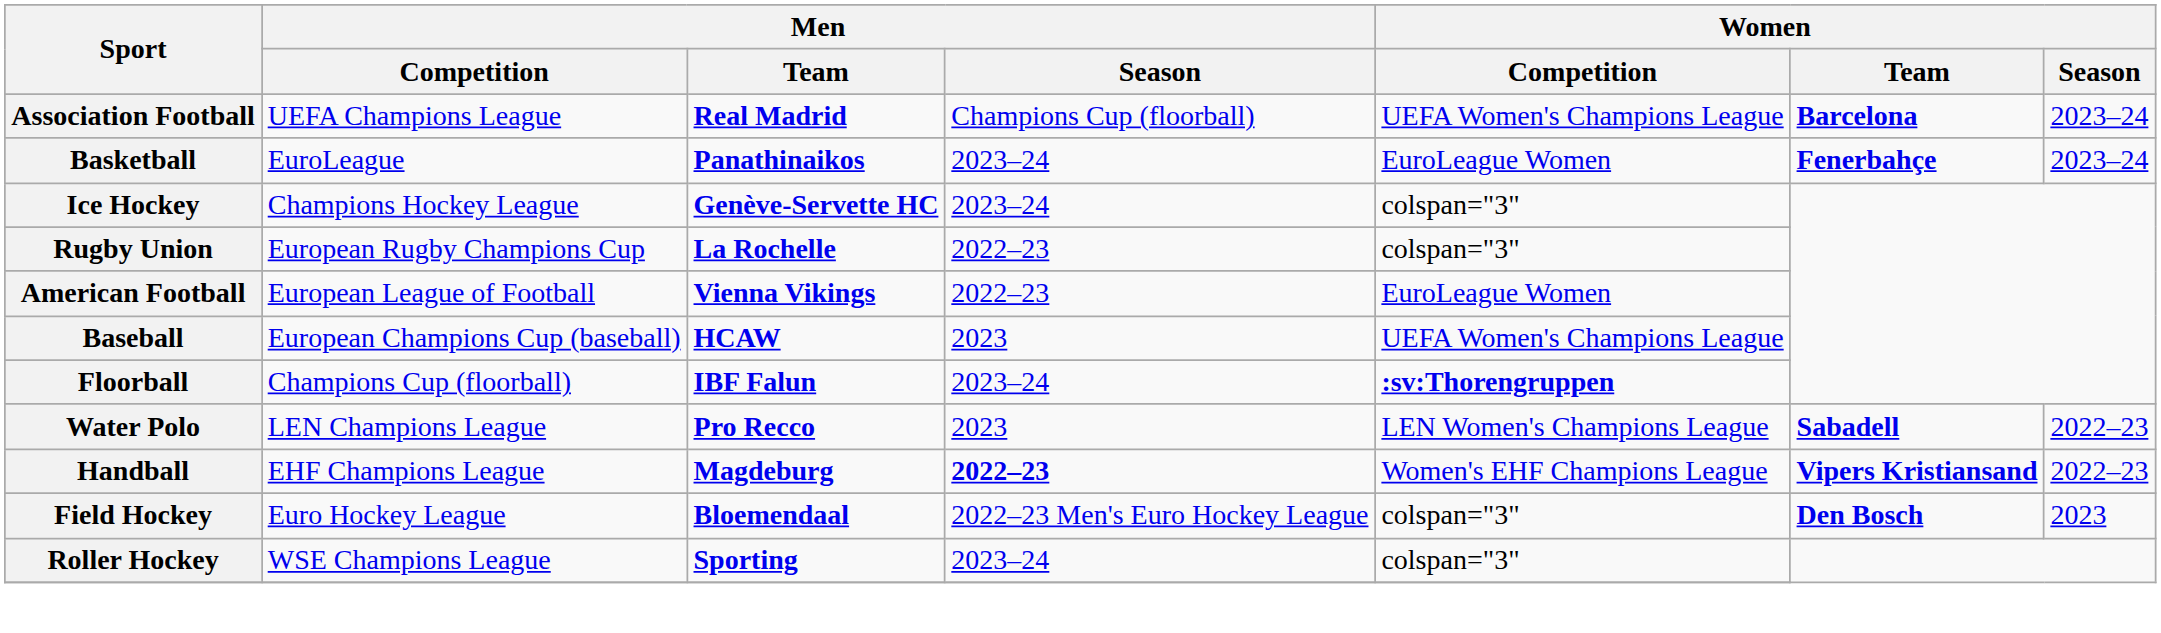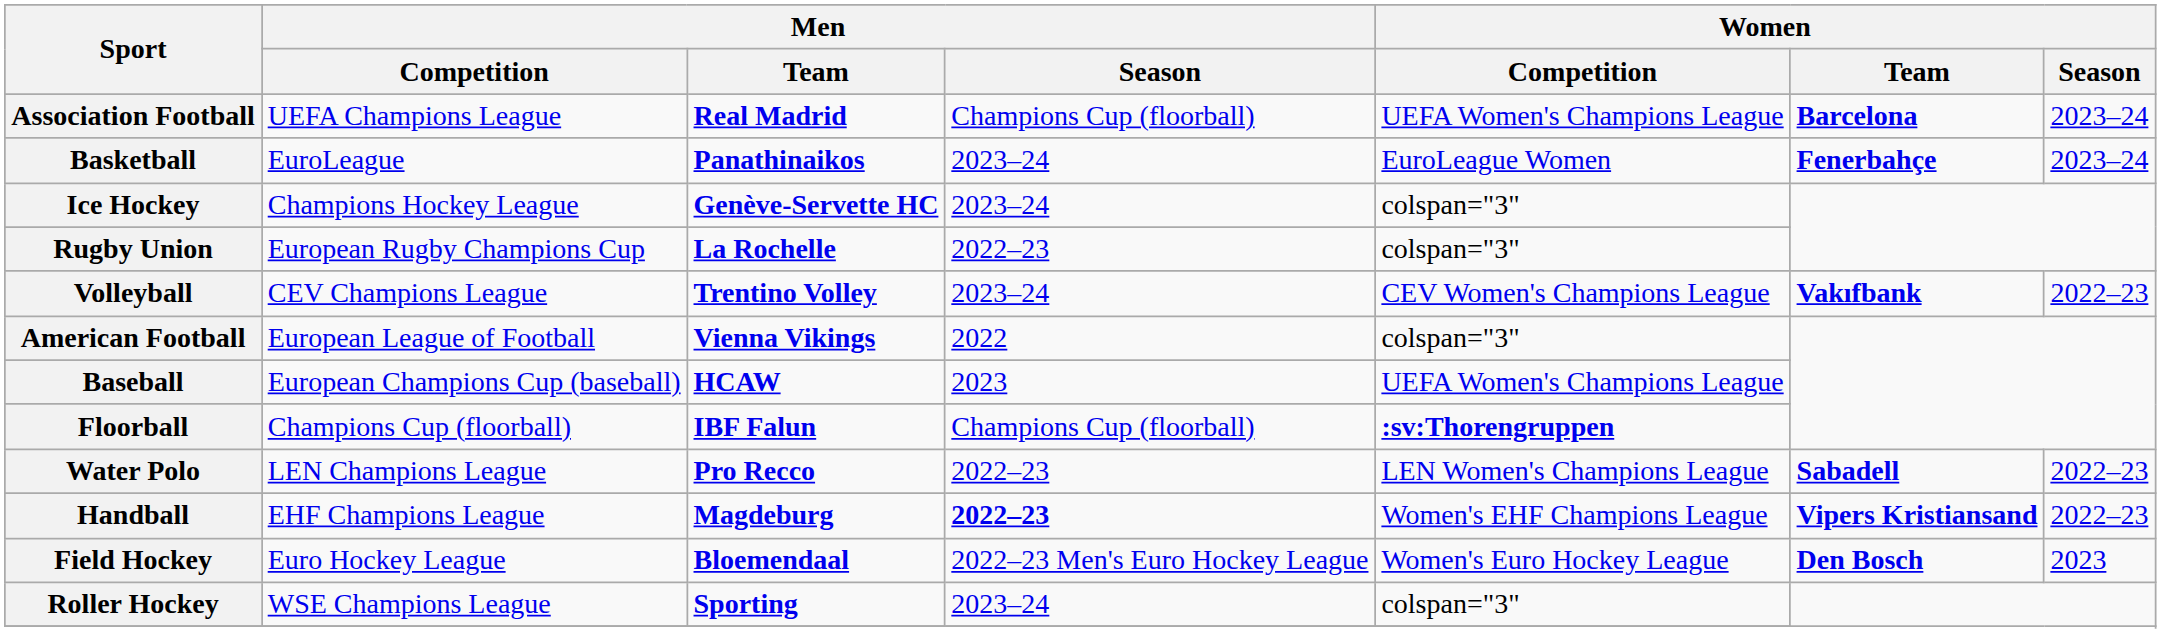 <table class="wikitable">
 <tr>
 <th rowspan="2">Sport</th>
 <th colspan="3">Men</th>
 <th colspan="3">Women</th>
 </tr>
 <tr>
 <th>Competition</th>
 <th>Team</th>
 <th>Season</th>
 <th>Competition</th>
 <th>Team</th>
 <th>Season</th>
 </tr>
 <tr>
 <th>Association Football</th>
 <td><a href='#'>UEFA Champions League</a></td>
 <td><strong> <a href='#'>Real Madrid</a></strong></td>
 <td><a href='#'>Champions Cup (floorball)</a></td>
 <td><a href='#'>UEFA Women's Champions League</a></td>
 <td><strong> <a href='#'>Barcelona</a></strong></td>
 <td><a href='#'>2023–24</a></td>
 </tr>
 <tr>
 <th>Basketball</th>
 <td><a href='#'>EuroLeague</a></td>
 <td><strong> <a href='#'>Panathinaikos</a></strong></td>
 <td><a href='#'>2023–24</a></td>
 <td><a href='#'>EuroLeague Women</a></td>
 <td><strong></strong> <strong><a href='#'>Fenerbahçe</a></strong></td>
 <td><a href='#'>2023–24</a></td>
 </tr>
 <tr>
 <th>Ice Hockey</th>
 <td><a href='#'>Champions Hockey League</a></td>
 <td><strong><a href='#'>Genève-Servette HC</a></strong></td>
 <td><a href='#'>2023–24</a></td>
 <td>colspan="3"</td>
 </tr>
 <tr>
 <th>Rugby Union</th>
 <td><a href='#'>European Rugby Champions Cup</a></td>
 <td><strong> <a href='#'>La Rochelle</a></strong></td>
 <td><a href='#'>2022–23</a></td>
 <td>colspan="3"</td>
 </tr>
 <tr>
+<th>Volleyball</th>
+<td><a href='#'>CEV Champions League</a></td>
+<td><strong> <a href='#'>Trentino Volley</a></strong></td>
+<td><a href='#'>2023–24</a></td>
+<td><a href='#'>CEV Women's Champions League</a></td>
+<td><strong> <a href='#'>Vakıfbank</a></strong></td>
+<td><a href='#'>2022–23</a></td>
+</tr>
+<tr>
 <th>American Football</th>
 <td><a href='#'>European League of Football</a></td>
 <td><strong> <a href='#'>Vienna Vikings</a></strong></td>
-<td><a href='#'>2022–23</a></td>
-<td><a href='#'>EuroLeague Women</a></td>
+<td><a href='#'>2022</a></td>
+<td>colspan="3"</td>
 </tr>
 <tr>
 <th>Baseball</th>
 <td><a href='#'>European Champions Cup (baseball)</a></td>
 <td><strong> <a href='#'>HCAW</a></strong></td>
 <td><a href='#'>2023</a></td>
 <td><a href='#'>UEFA Women's Champions League</a></td>
 </tr>
 <tr>
 <th>Floorball</th>
 <td><a href='#'>Champions Cup (floorball)</a></td>
 <td><strong> <a href='#'>IBF Falun</a></strong></td>
-<td><a href='#'>2023–24</a></td>
+<td><a href='#'>Champions Cup (floorball)</a></td>
 <td><strong> <a href='#'>:sv:Thorengruppen</a></strong></td>
 </tr>
 <tr>
 <th>Water Polo</th>
 <td><a href='#'>LEN Champions League</a></td>
 <td><strong> <a href='#'>Pro Recco</a></strong></td>
-<td><a href='#'>2023</a></td>
+<td><a href='#'>2022–23</a></td>
 <td><a href='#'>LEN Women's Champions League</a></td>
 <td><strong> <a href='#'>Sabadell</a></strong></td>
 <td><a href='#'>2022–23</a></td>
 </tr>
 <tr>
 <th>Handball</th>
 <td><a href='#'>EHF Champions League</a></td>
 <td><strong> <a href='#'>Magdeburg</a></strong></td>
 <td><strong><a href='#'>2022–23</a></strong></td>
 <td><a href='#'>Women's EHF Champions League</a></td>
 <td><strong> <a href='#'>Vipers Kristiansand</a></strong></td>
 <td><a href='#'>2022–23</a></td>
 </tr>
 <tr>
 <th>Field Hockey</th>
 <td><a href='#'>Euro Hockey League</a></td>
 <td><strong> <a href='#'>Bloemendaal</a></strong></td>
 <td><a href='#'>2022–23 Men's Euro Hockey League</a></td>
-<td>colspan="3"</td>
+<td><a href='#'>Women's Euro Hockey League</a></td>
 <td><strong> <a href='#'>Den Bosch</a></strong></td>
 <td><a href='#'>2023</a></td>
 </tr>
 <tr>
 <th>Roller Hockey</th>
 <td><a href='#'>WSE Champions League</a></td>
 <td><strong> <a href='#'>Sporting</a></strong></td>
 <td><a href='#'>2023–24</a></td>
 <td>colspan="3"</td>
 </tr>
 <tr>
 </tr>
 </table>
